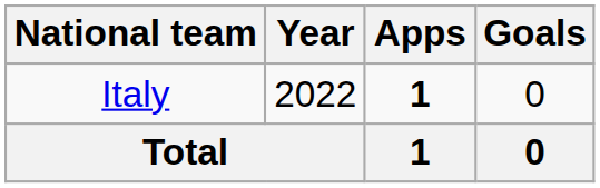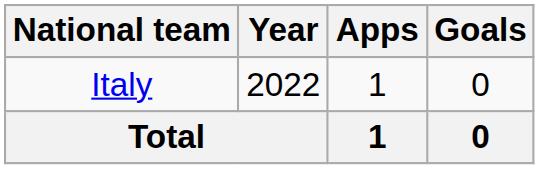 <table class="wikitable" style="text-align: center;">
 <tr>
 <th>National team</th>
 <th>Year</th>
 <th>Apps</th>
 <th>Goals</th>
 </tr>
 <tr>
 <td><a href='#'>Italy</a></td>
 <td>2022</td>
-<td><strong>1</strong></td>
+<td>1</td>
 <td>0</td>
 </tr>
 <tr>
 <th colspan="2">Total</th>
 <th>1</th>
 <th>0</th>
 </tr>
 </table>
